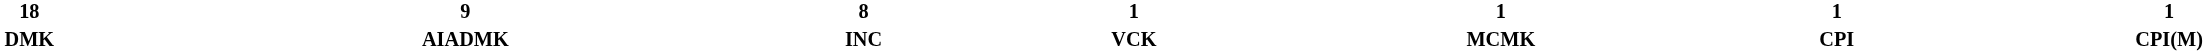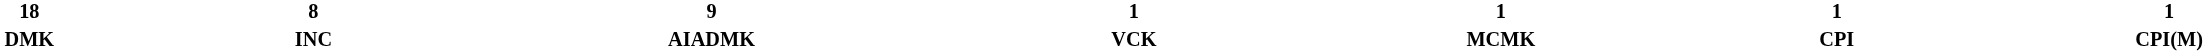 <table style="width:100%; text-align:center;">
 <tr>
 <td style="background:"><strong>18</strong></td>
+<td style="background:"><strong>8</strong></td>
 <td style="background:"><strong>9</strong></td>
-<td style="background:"><strong>8</strong></td>
 <td style="background:"><strong>1</strong></td>
 <td style="background:"><strong>1</strong></td>
 <td style="background:"><strong>1</strong></td>
 <td style="background:"><strong>1</strong></td>
 </tr>
 <tr>
 <td><span><strong>DMK</strong></span></td>
+<td><span><strong>INC</strong></span></td>
 <td><span><strong>AIADMK</strong></span></td>
-<td><span><strong>INC</strong></span></td>
 <td><span><strong>VCK</strong></span></td>
 <td><span><strong>MCMK</strong></span></td>
 <td><span><strong>CPI</strong></span></td>
 <td><span><strong>CPI(M)</strong></span></td>
 </tr>
 </table>
